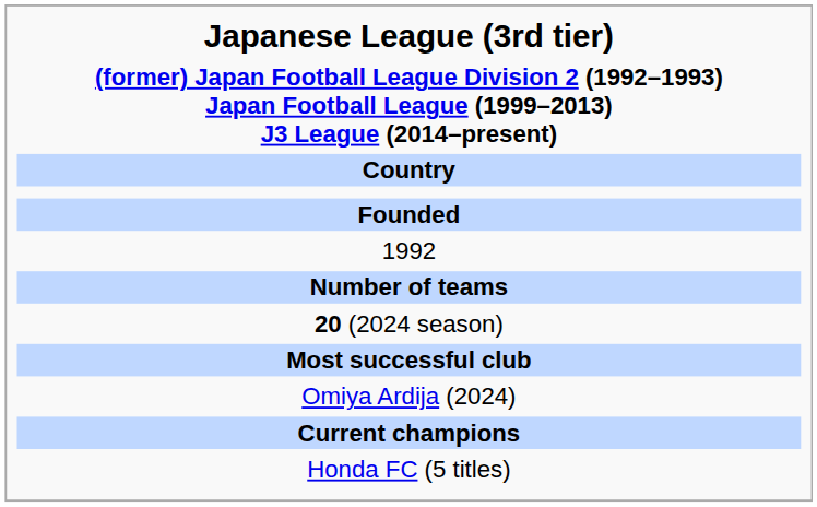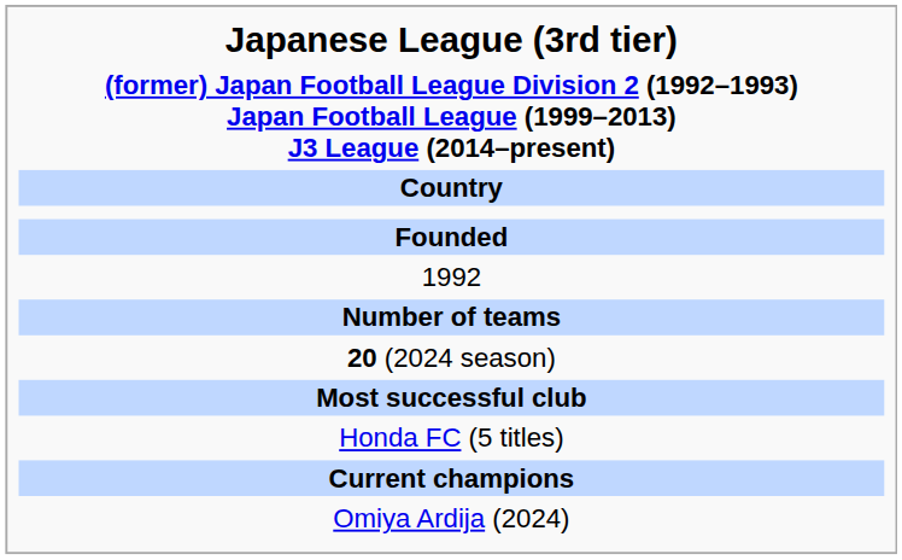 <table class="infobox football" style="width: 25em; text-align: center;">
 <tr>
 <th style="font-size: 16px;">Japanese League (3rd tier)</th>
 </tr>
 <tr>
 <th style="font-size: 12px;"><a href='#'>(former) Japan Football League Division 2</a> (1992–1993)<br><a href='#'>Japan Football League</a> (1999–2013)<br><a href='#'>J3 League</a> (2014–present)</th>
 </tr>
 <tr>
 <td style="font-size: 12px; background: #BFD7FF;"><strong>Country</strong></td>
 </tr>
 <tr>
 <td style="font-size: 12px;"></td>
 </tr>
 <tr>
 <td style="font-size: 12px; background: #BFD7FF;"><strong>Founded</strong></td>
 </tr>
 <tr>
 <td style="font-size: 12px;">1992</td>
 </tr>
 <tr>
 <td style="font-size: 12px; background: #BFD7FF;"><strong>Number of teams</strong></td>
 </tr>
 <tr>
 <td style="font-size: 12px;"><strong>20</strong> (2024 season)</td>
 </tr>
 <tr>
 <td style="font-size: 12px; background: #BFD7FF;"><strong>Most successful club</strong></td>
 </tr>
 <tr>
-<td style="font-size: 12px;"><a href='#'>Omiya Ardija</a> (2024)</td>
+<td style="font-size: 12px;"><a href='#'>Honda FC</a> (5 titles)</td>
 </tr>
 <tr>
 <td style="font-size: 12px; background: #BFD7FF;"><strong>Current champions</strong></td>
 </tr>
 <tr>
-<td style="font-size: 12px;"><a href='#'>Honda FC</a> (5 titles)</td>
+<td style="font-size: 12px;"><a href='#'>Omiya Ardija</a> (2024)</td>
 </tr>
 <tr>
 </tr>
 </table>
